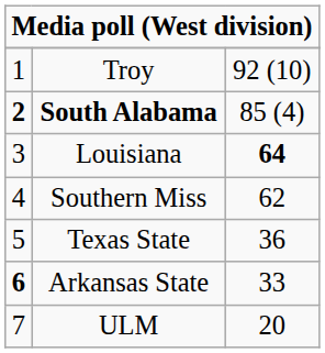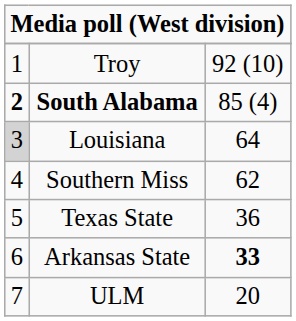 <table class="wikitable" style="display: inline-table;">
 <tr>
 <td align="center" Colspan="3"><strong>Media poll (West division)</strong></td>
 </tr>
 <tr align="center">
 </tr>
 <tr align="center">
 <td>1</td>
 <td>Troy</td>
 <td>92 (10)</td>
 </tr>
 <tr align="center">
 <td><strong>2</strong></td>
 <td><strong>South Alabama</strong></td>
 <td>85 (4)</td>
 </tr>
 <tr align="center">
-<td>3</td>
+<td style="background: lightgrey;">3</td>
 <td>Louisiana</td>
-<td><strong>64</strong></td>
+<td>64</td>
 </tr>
 <tr align="center">
 <td>4</td>
 <td>Southern Miss</td>
 <td>62</td>
 </tr>
 <tr align="center">
 <td>5</td>
 <td>Texas State</td>
 <td>36</td>
 </tr>
 <tr align="center">
-<td><strong>6</strong></td>
+<td>6</td>
 <td>Arkansas State</td>
-<td>33</td>
+<td><strong>33</strong></td>
 </tr>
 <tr align="center">
 <td>7</td>
 <td>ULM</td>
 <td>20</td>
 </tr>
 </table>
